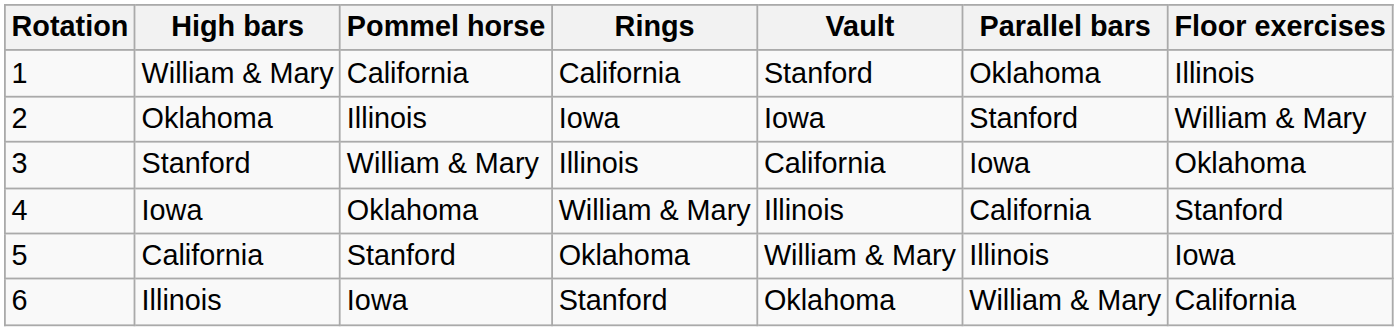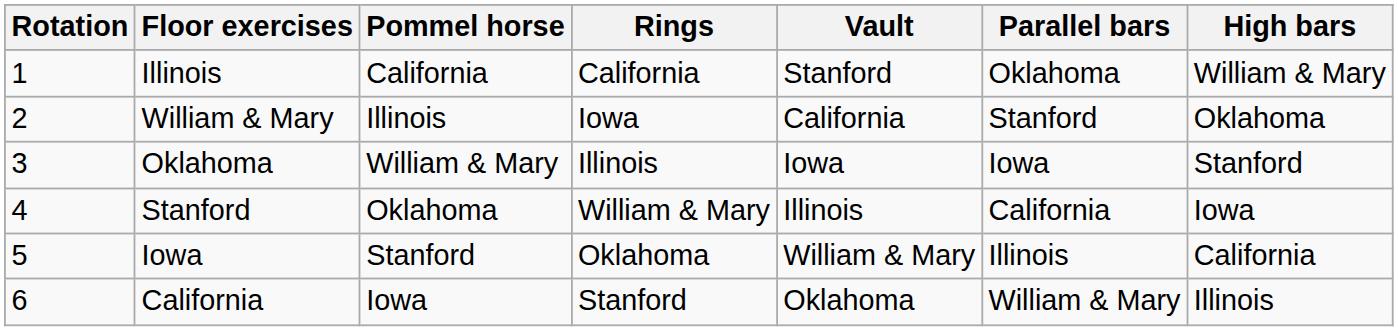 <table class="wikitable">
 <tr>
 <th>Rotation</th>
-<th>High bars</th>
+<th>Floor exercises</th>
 <th>Pommel horse</th>
 <th>Rings</th>
 <th>Vault</th>
 <th>Parallel bars</th>
-<th>Floor exercises</th>
+<th>High bars</th>
 </tr>
 <tr>
 <td>1</td>
-<td>William & Mary</td>
+<td>Illinois</td>
 <td>California</td>
 <td>California</td>
 <td>Stanford</td>
 <td>Oklahoma</td>
-<td>Illinois</td>
+<td>William & Mary</td>
 </tr>
 <tr>
 <td>2</td>
+<td>William & Mary</td>
+<td>Illinois</td>
+<td>Iowa</td>
+<td>California</td>
+<td>Stanford</td>
 <td>Oklahoma</td>
+</tr>
+<tr>
+<td>3</td>
+<td>Oklahoma</td>
+<td>William & Mary</td>
 <td>Illinois</td>
 <td>Iowa</td>
 <td>Iowa</td>
 <td>Stanford</td>
-<td>William & Mary</td>
 </tr>
 <tr>
-<td>3</td>
+<td>4</td>
 <td>Stanford</td>
+<td>Oklahoma</td>
 <td>William & Mary</td>
 <td>Illinois</td>
 <td>California</td>
 <td>Iowa</td>
-<td>Oklahoma</td>
 </tr>
 <tr>
-<td>4</td>
+<td>5</td>
 <td>Iowa</td>
+<td>Stanford</td>
 <td>Oklahoma</td>
 <td>William & Mary</td>
 <td>Illinois</td>
 <td>California</td>
-<td>Stanford</td>
 </tr>
 <tr>
-<td>5</td>
+<td>6</td>
 <td>California</td>
+<td>Iowa</td>
 <td>Stanford</td>
 <td>Oklahoma</td>
 <td>William & Mary</td>
 <td>Illinois</td>
-<td>Iowa</td>
-</tr>
-<tr>
-<td>6</td>
-<td>Illinois</td>
-<td>Iowa</td>
-<td>Stanford</td>
-<td>Oklahoma</td>
-<td>William & Mary</td>
-<td>California</td>
 </tr>
 </table>
